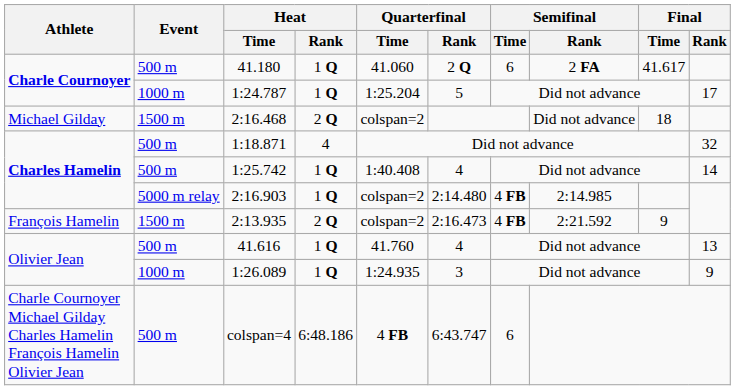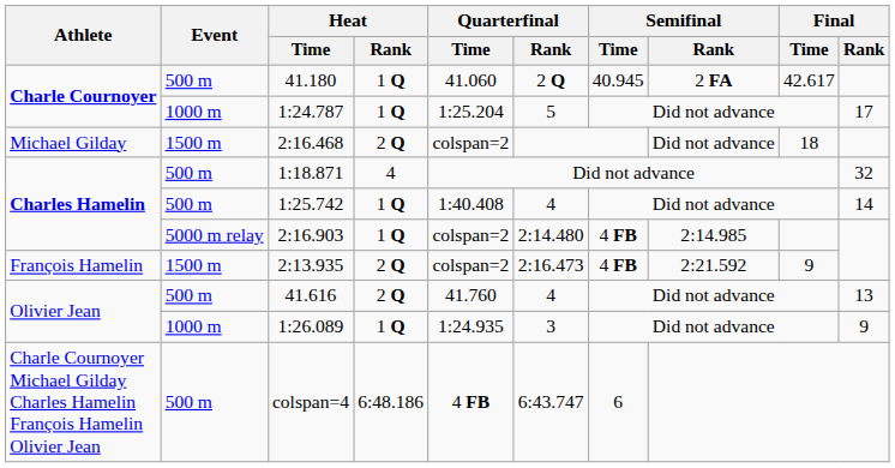 <table class="wikitable" style="font-size:90%">
 <tr>
 <th rowspan=2>Athlete</th>
 <th rowspan=2>Event</th>
 <th colspan=2>Heat</th>
 <th colspan=2>Quarterfinal</th>
 <th colspan=2>Semifinal</th>
 <th colspan=2>Final</th>
 </tr>
 <tr style="font-size:95%">
 <th>Time</th>
 <th>Rank</th>
 <th>Time</th>
 <th>Rank</th>
 <th>Time</th>
 <th>Rank</th>
 <th>Time</th>
 <th>Rank</th>
 </tr>
 <tr align=center>
 <td align=left rowspan=2><strong><a href='#'>Charle Cournoyer</a></strong></td>
 <td align=left><a href='#'>500 m</a></td>
 <td>41.180</td>
 <td>1 <strong>Q</strong></td>
 <td>41.060</td>
 <td>2 <strong>Q</strong></td>
-<td>6</td>
+<td>40.945</td>
 <td>2 <strong>FA</strong></td>
-<td>41.617</td>
+<td>42.617</td>
 <td></td>
 </tr>
 <tr align=center>
 <td align=left><a href='#'>1000 m</a></td>
 <td>1:24.787</td>
 <td>1 <strong>Q</strong></td>
 <td>1:25.204</td>
 <td>5</td>
 <td colspan=3>Did not advance</td>
 <td>17</td>
 </tr>
 <tr align=center>
 <td align=left><a href='#'>Michael Gilday</a></td>
 <td align=left><a href='#'>1500 m</a></td>
 <td>2:16.468</td>
 <td>2 <strong>Q</strong></td>
 <td>colspan=2 </td>
 <td colspan=2></td>
 <td>Did not advance</td>
 <td>18</td>
 </tr>
 <tr align=center>
 <td align=left rowspan=3><strong><a href='#'>Charles Hamelin</a></strong></td>
 <td align=left><a href='#'>500 m</a></td>
 <td>1:18.871</td>
 <td>4</td>
 <td colspan=5>Did not advance</td>
 <td>32</td>
 </tr>
 <tr align=center>
 <td align=left><a href='#'>500 m</a></td>
 <td>1:25.742</td>
 <td>1 <strong>Q</strong></td>
 <td>1:40.408</td>
 <td>4</td>
 <td colspan=3>Did not advance</td>
 <td>14</td>
 </tr>
 <tr align=center>
 <td align=left><a href='#'>5000 m relay</a></td>
 <td>2:16.903</td>
 <td>1 <strong>Q</strong></td>
 <td>colspan=2 </td>
 <td>2:14.480</td>
 <td>4 <strong>FB</strong></td>
 <td>2:14.985</td>
 <td></td>
 </tr>
 <tr align=center>
 <td align=left><a href='#'>François Hamelin</a></td>
 <td align=left><a href='#'>1500 m</a></td>
 <td>2:13.935</td>
 <td>2 <strong>Q</strong></td>
 <td>colspan=2 </td>
 <td>2:16.473</td>
 <td>4 <strong>FB</strong></td>
 <td>2:21.592</td>
 <td>9</td>
 </tr>
 <tr align=center>
 <td align=left rowspan=2><a href='#'>Olivier Jean</a></td>
 <td align=left><a href='#'>500 m</a></td>
 <td>41.616</td>
-<td>1 <strong>Q</strong></td>
+<td>2 <strong>Q</strong></td>
 <td>41.760</td>
 <td>4</td>
 <td colspan=3>Did not advance</td>
 <td>13</td>
 </tr>
 <tr align=center>
 <td align=left><a href='#'>1000 m</a></td>
 <td>1:26.089</td>
 <td>1 <strong>Q</strong></td>
 <td>1:24.935</td>
 <td>3</td>
 <td colspan=3>Did not advance</td>
 <td>9</td>
 </tr>
 <tr align=center>
 <td align=left><a href='#'>Charle Cournoyer</a><br><a href='#'>Michael Gilday</a><br><a href='#'>Charles Hamelin</a><br><a href='#'>François Hamelin</a><br><a href='#'>Olivier Jean</a></td>
 <td align=left><a href='#'>500 m</a></td>
 <td>colspan=4 </td>
 <td>6:48.186</td>
 <td>4 <strong>FB</strong></td>
 <td>6:43.747</td>
 <td>6</td>
 </tr>
 </table>
